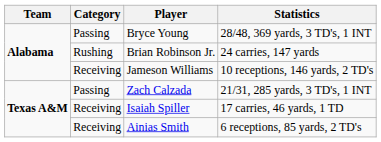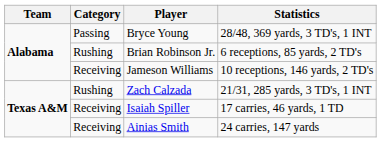 <table class="wikitable" style="float: right;">
 <tr>
 <th>Team</th>
 <th>Category</th>
 <th>Player</th>
 <th>Statistics</th>
 </tr>
 <tr>
 <td rowspan=3><strong>Alabama</strong></td>
 <td>Passing</td>
 <td>Bryce Young</td>
 <td>28/48, 369 yards, 3 TD's, 1 INT</td>
 </tr>
 <tr>
 <td>Rushing</td>
 <td>Brian Robinson Jr.</td>
-<td>24 carries, 147 yards</td>
+<td>6 receptions, 85 yards, 2 TD's</td>
 </tr>
 <tr>
 <td>Receiving</td>
 <td>Jameson Williams</td>
 <td>10 receptions, 146 yards, 2 TD's</td>
 </tr>
 <tr>
 <td rowspan=3><strong>Texas A&M</strong></td>
-<td>Passing</td>
+<td>Rushing</td>
 <td><a href='#'>Zach Calzada</a></td>
 <td>21/31, 285 yards, 3 TD's, 1 INT</td>
 </tr>
 <tr>
 <td>Receiving</td>
 <td><a href='#'>Isaiah Spiller</a></td>
 <td>17 carries, 46 yards, 1 TD</td>
 </tr>
 <tr>
 <td>Receiving</td>
 <td><a href='#'>Ainias Smith</a></td>
-<td>6 receptions, 85 yards, 2 TD's</td>
+<td>24 carries, 147 yards</td>
 </tr>
 </table>
